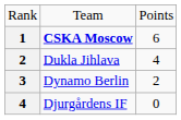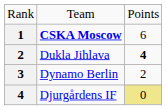 <table class="wikitable" style="text-align: center;">
 <tr>
 <td>Rank</td>
 <td>Team</td>
 <td>Points</td>
 </tr>
 <tr>
 <th>1</th>
 <td style="text-align: left;"> <strong><a href='#'>CSKA Moscow</a></strong></td>
 <td>6</td>
 </tr>
 <tr>
 <th>2</th>
 <td style="text-align: left;"> <a href='#'>Dukla Jihlava</a></td>
-<td>4</td>
+<td><strong>4</strong></td>
 </tr>
 <tr>
 <th>3</th>
 <td style="text-align: left;"> <a href='#'>Dynamo Berlin</a></td>
 <td>2</td>
 </tr>
 <tr>
 <th>4</th>
 <td style="text-align: left;"> <a href='#'>Djurgårdens IF</a></td>
-<td>0</td>
+<td style="background: khaki;">0</td>
 </tr>
 </table>
